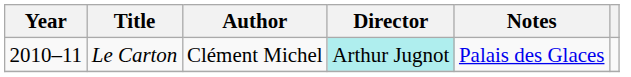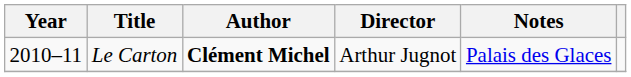 <table class="wikitable">
 <tr>
 <th>Year</th>
 <th>Title</th>
 <th>Author</th>
 <th>Director</th>
 <th>Notes</th>
 <th scope="col" class="unsortable"></th>
 </tr>
 <tr>
 <td>2010–11</td>
 <td><em>Le Carton</em></td>
-<td>Clément Michel</td>
-<td style="background: paleturquoise;">Arthur Jugnot</td>
+<td><strong>Clément Michel</strong></td>
+<td>Arthur Jugnot</td>
 <td><a href='#'>Palais des Glaces</a></td>
 <td></td>
 </tr>
 <tr>
 </tr>
 </table>
